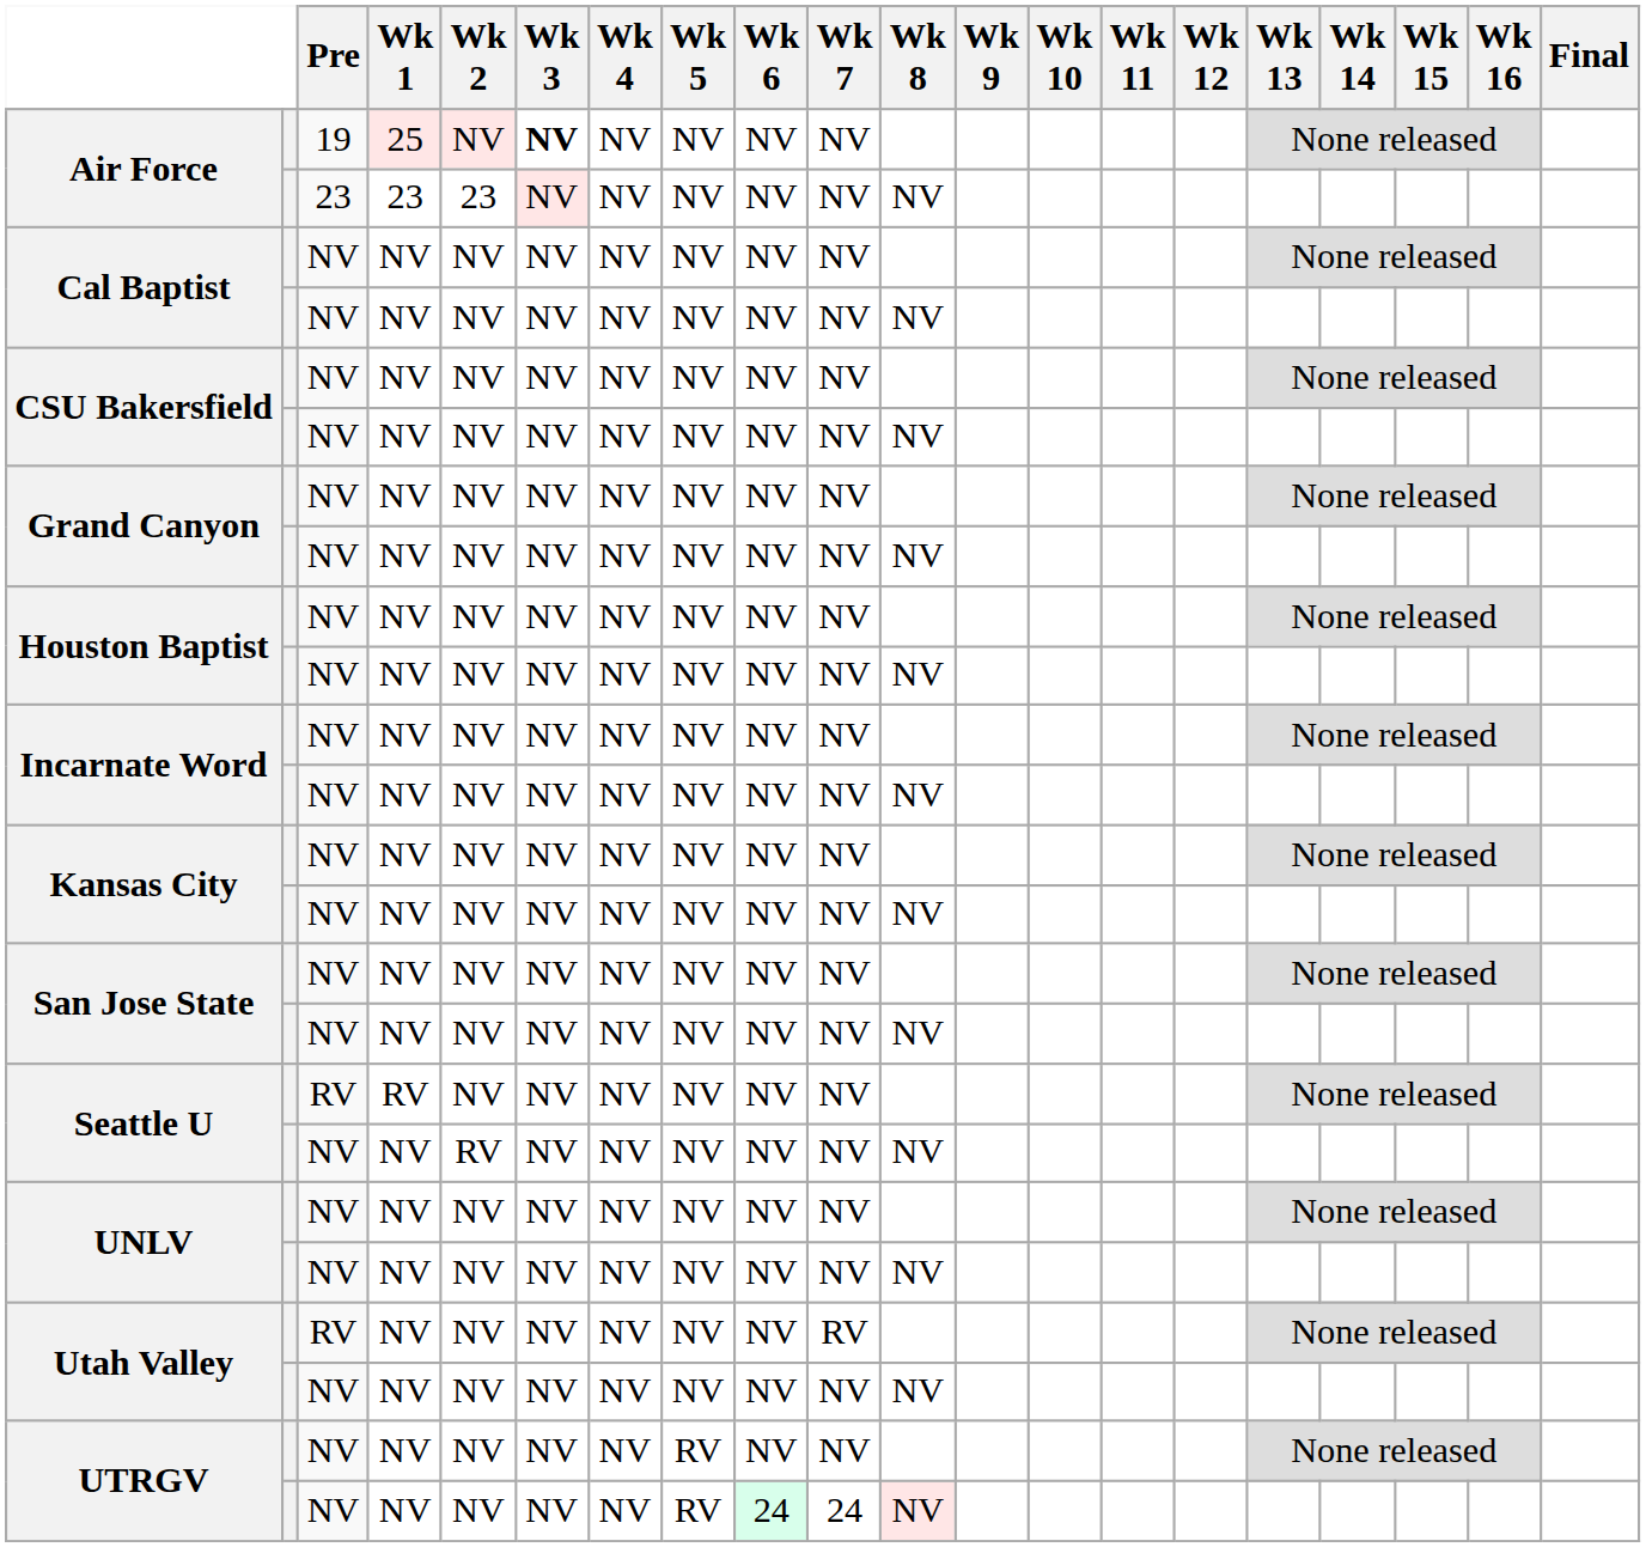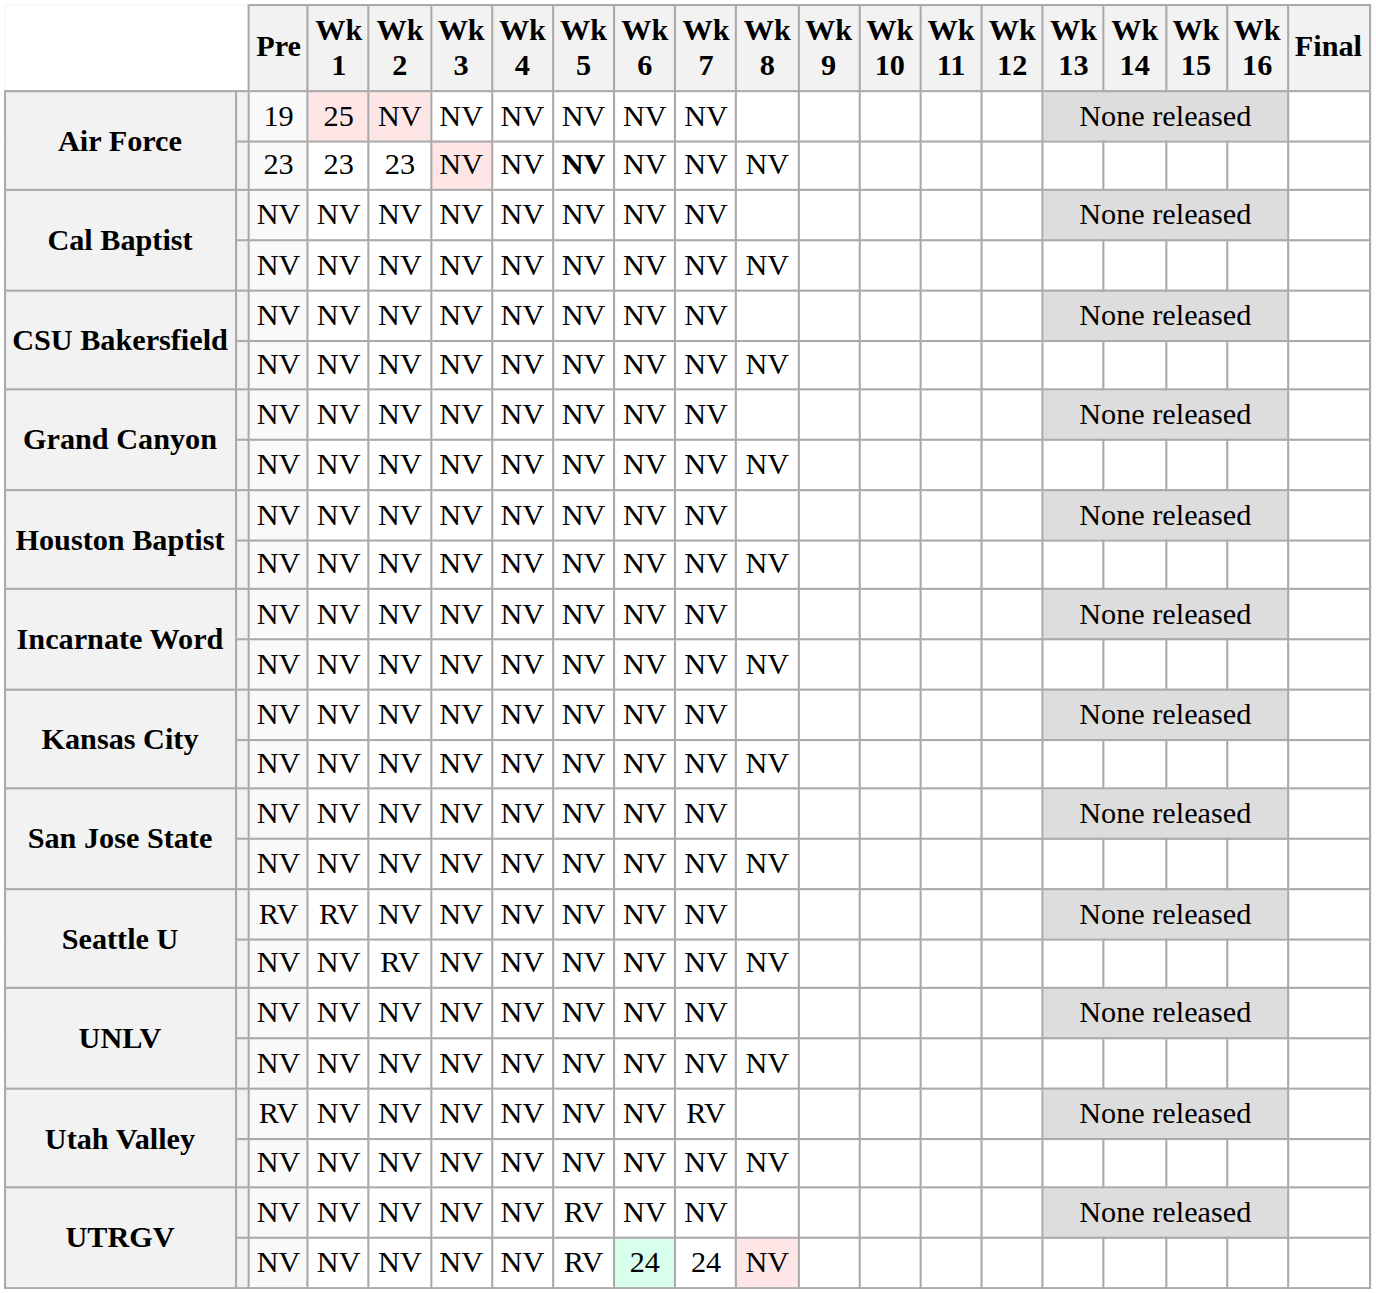 <table class="wikitable" style="white-space:nowrap;font-size:90%;text-align:center;">
 <tr>
 <th colspan=2 style="background:white; border-top-style:hidden; border-left-style:hidden;"> </th>
 <th>Pre</th>
 <th>Wk<br> 1</th>
 <th>Wk<br>2</th>
 <th>Wk<br>3</th>
 <th>Wk<br>4</th>
 <th>Wk<br>5</th>
 <th>Wk<br>6</th>
 <th>Wk<br>7</th>
 <th>Wk<br>8</th>
 <th>Wk<br>9</th>
 <th>Wk<br>10</th>
 <th>Wk<br>11</th>
 <th>Wk<br>12</th>
 <th>Wk<br>13</th>
 <th>Wk<br>14</th>
 <th>Wk<br>15</th>
 <th>Wk<br>16</th>
 <th>Final</th>
 </tr>
 <tr>
 <th rowspan=2 style=>Air Force</th>
 <th></th>
 <td>19</td>
 <td style="background:#ffe6e6;">25</td>
 <td style="background:#ffe6e6;">NV</td>
-<td style="background:#FFF;"><strong>NV</strong></td>
+<td style="background:#FFF;">NV</td>
 <td style="background:#FFF;">NV</td>
 <td style="background:#FFF;">NV</td>
 <td style="background:#FFF;">NV</td>
 <td style="background:#FFF;">NV</td>
 <td style="background:#FFF;"></td>
 <td style="background:#FFF;"></td>
 <td style="background:#FFF;"></td>
 <td style="background:#FFF;"></td>
 <td style="background:#FFF;"></td>
 <td colspan="4" style="background:#DDD;">None released</td>
 <td style="background:#FFF;"></td>
 </tr>
 <tr>
 <th></th>
 <td>23</td>
 <td style="background:#FFF;">23</td>
 <td style="background:#FFF;">23</td>
 <td style="background:#ffe6e6;">NV</td>
 <td style="background:#FFF;">NV</td>
-<td style="background:#FFF;">NV</td>
+<td style="background:#FFF;"><strong>NV</strong></td>
 <td style="background:#FFF;">NV</td>
 <td style="background:#FFF;">NV</td>
 <td style="background:#FFF;">NV</td>
 <td style="background:#FFF;"></td>
 <td style="background:#FFF;"></td>
 <td style="background:#FFF;"></td>
 <td style="background:#FFF;"></td>
 <td style="background:#FFF;"></td>
 <td style="background:#FFF;"></td>
 <td style="background:#FFF;"></td>
 <td style="background:#FFF;"></td>
 <td style="background:#FFF;"></td>
 </tr>
 <tr>
 <th rowspan=2 style=>Cal Baptist</th>
 <th></th>
 <td>NV</td>
 <td style="background:#FFF;">NV</td>
 <td style="background:#FFF;">NV</td>
 <td style="background:#FFF;">NV</td>
 <td style="background:#FFF;">NV</td>
 <td style="background:#FFF;">NV</td>
 <td style="background:#FFF;">NV</td>
 <td style="background:#FFF;">NV</td>
 <td style="background:#FFF;"></td>
 <td style="background:#FFF;"></td>
 <td style="background:#FFF;"></td>
 <td style="background:#FFF;"></td>
 <td style="background:#FFF;"></td>
 <td colspan="4" style="background:#DDD;">None released</td>
 <td style="background:#FFF;"></td>
 </tr>
 <tr>
 <th></th>
 <td>NV</td>
 <td style="background:#FFF;">NV</td>
 <td style="background:#FFF;">NV</td>
 <td style="background:#FFF;">NV</td>
 <td style="background:#FFF;">NV</td>
 <td style="background:#FFF;">NV</td>
 <td style="background:#FFF;">NV</td>
 <td style="background:#FFF;">NV</td>
 <td style="background:#FFF;">NV</td>
 <td style="background:#FFF;"></td>
 <td style="background:#FFF;"></td>
 <td style="background:#FFF;"></td>
 <td style="background:#FFF;"></td>
 <td style="background:#FFF;"></td>
 <td style="background:#FFF;"></td>
 <td style="background:#FFF;"></td>
 <td style="background:#FFF;"></td>
 <td style="background:#FFF;"></td>
 </tr>
 <tr>
 <th rowspan=2 style=>CSU Bakersfield</th>
 <th></th>
 <td>NV</td>
 <td style="background:#FFF;">NV</td>
 <td style="background:#FFF;">NV</td>
 <td style="background:#FFF;">NV</td>
 <td style="background:#FFF;">NV</td>
 <td style="background:#FFF;">NV</td>
 <td style="background:#FFF;">NV</td>
 <td style="background:#FFF;">NV</td>
 <td style="background:#FFF;"></td>
 <td style="background:#FFF;"></td>
 <td style="background:#FFF;"></td>
 <td style="background:#FFF;"></td>
 <td style="background:#FFF;"></td>
 <td colspan="4" style="background:#DDD;">None released</td>
 <td style="background:#FFF;"></td>
 </tr>
 <tr>
 <th></th>
 <td>NV</td>
 <td style="background:#FFF;">NV</td>
 <td style="background:#FFF;">NV</td>
 <td style="background:#FFF;">NV</td>
 <td style="background:#FFF;">NV</td>
 <td style="background:#FFF;">NV</td>
 <td style="background:#FFF;">NV</td>
 <td style="background:#FFF;">NV</td>
 <td style="background:#FFF;">NV</td>
 <td style="background:#FFF;"></td>
 <td style="background:#FFF;"></td>
 <td style="background:#FFF;"></td>
 <td style="background:#FFF;"></td>
 <td style="background:#FFF;"></td>
 <td style="background:#FFF;"></td>
 <td style="background:#FFF;"></td>
 <td style="background:#FFF;"></td>
 <td style="background:#FFF;"></td>
 </tr>
 <tr>
 <th rowspan=2 style=>Grand Canyon</th>
 <th></th>
 <td>NV</td>
 <td style="background:#FFF;">NV</td>
 <td style="background:#FFF;">NV</td>
 <td style="background:#FFF;">NV</td>
 <td style="background:#FFF;">NV</td>
 <td style="background:#FFF;">NV</td>
 <td style="background:#FFF;">NV</td>
 <td style="background:#FFF;">NV</td>
 <td style="background:#FFF;"></td>
 <td style="background:#FFF;"></td>
 <td style="background:#FFF;"></td>
 <td style="background:#FFF;"></td>
 <td style="background:#FFF;"></td>
 <td colspan="4" style="background:#DDD;">None released</td>
 <td style="background:#FFF;"></td>
 </tr>
 <tr>
 <th></th>
 <td>NV</td>
 <td style="background:#FFF;">NV</td>
 <td style="background:#FFF;">NV</td>
 <td style="background:#FFF;">NV</td>
 <td style="background:#FFF;">NV</td>
 <td style="background:#FFF;">NV</td>
 <td style="background:#FFF;">NV</td>
 <td style="background:#FFF;">NV</td>
 <td style="background:#FFF;">NV</td>
 <td style="background:#FFF;"></td>
 <td style="background:#FFF;"></td>
 <td style="background:#FFF;"></td>
 <td style="background:#FFF;"></td>
 <td style="background:#FFF;"></td>
 <td style="background:#FFF;"></td>
 <td style="background:#FFF;"></td>
 <td style="background:#FFF;"></td>
 <td style="background:#FFF;"></td>
 </tr>
 <tr>
 <th rowspan=2 style=>Houston Baptist</th>
 <th></th>
 <td>NV</td>
 <td style="background:#FFF;">NV</td>
 <td style="background:#FFF;">NV</td>
 <td style="background:#FFF;">NV</td>
 <td style="background:#FFF;">NV</td>
 <td style="background:#FFF;">NV</td>
 <td style="background:#FFF;">NV</td>
 <td style="background:#FFF;">NV</td>
 <td style="background:#FFF;"></td>
 <td style="background:#FFF;"></td>
 <td style="background:#FFF;"></td>
 <td style="background:#FFF;"></td>
 <td style="background:#FFF;"></td>
 <td colspan="4" style="background:#DDD;">None released</td>
 <td style="background:#FFF;"></td>
 </tr>
 <tr>
 <th></th>
 <td>NV</td>
 <td style="background:#FFF;">NV</td>
 <td style="background:#FFF;">NV</td>
 <td style="background:#FFF;">NV</td>
 <td style="background:#FFF;">NV</td>
 <td style="background:#FFF;">NV</td>
 <td style="background:#FFF;">NV</td>
 <td style="background:#FFF;">NV</td>
 <td style="background:#FFF;">NV</td>
 <td style="background:#FFF;"></td>
 <td style="background:#FFF;"></td>
 <td style="background:#FFF;"></td>
 <td style="background:#FFF;"></td>
 <td style="background:#FFF;"></td>
 <td style="background:#FFF;"></td>
 <td style="background:#FFF;"></td>
 <td style="background:#FFF;"></td>
 <td style="background:#FFF;"></td>
 </tr>
 <tr>
 <th rowspan=2 style=>Incarnate Word</th>
 <th></th>
 <td>NV</td>
 <td style="background:#FFF;">NV</td>
 <td style="background:#FFF;">NV</td>
 <td style="background:#FFF;">NV</td>
 <td style="background:#FFF;">NV</td>
 <td style="background:#FFF;">NV</td>
 <td style="background:#FFF;">NV</td>
 <td style="background:#FFF;">NV</td>
 <td style="background:#FFF;"></td>
 <td style="background:#FFF;"></td>
 <td style="background:#FFF;"></td>
 <td style="background:#FFF;"></td>
 <td style="background:#FFF;"></td>
 <td colspan="4" style="background:#DDD;">None released</td>
 <td style="background:#FFF;"></td>
 </tr>
 <tr>
 <th></th>
 <td>NV</td>
 <td style="background:#FFF;">NV</td>
 <td style="background:#FFF;">NV</td>
 <td style="background:#FFF;">NV</td>
 <td style="background:#FFF;">NV</td>
 <td style="background:#FFF;">NV</td>
 <td style="background:#FFF;">NV</td>
 <td style="background:#FFF;">NV</td>
 <td style="background:#FFF;">NV</td>
 <td style="background:#FFF;"></td>
 <td style="background:#FFF;"></td>
 <td style="background:#FFF;"></td>
 <td style="background:#FFF;"></td>
 <td style="background:#FFF;"></td>
 <td style="background:#FFF;"></td>
 <td style="background:#FFF;"></td>
 <td style="background:#FFF;"></td>
 <td style="background:#FFF;"></td>
 </tr>
 <tr>
 <th rowspan=2 style=>Kansas City</th>
 <th></th>
 <td>NV</td>
 <td style="background:#FFF;">NV</td>
 <td style="background:#FFF;">NV</td>
 <td style="background:#FFF;">NV</td>
 <td style="background:#FFF;">NV</td>
 <td style="background:#FFF;">NV</td>
 <td style="background:#FFF;">NV</td>
 <td style="background:#FFF;">NV</td>
 <td style="background:#FFF;"></td>
 <td style="background:#FFF;"></td>
 <td style="background:#FFF;"></td>
 <td style="background:#FFF;"></td>
 <td style="background:#FFF;"></td>
 <td colspan="4" style="background:#DDD;">None released</td>
 <td style="background:#FFF;"></td>
 </tr>
 <tr>
 <th></th>
 <td>NV</td>
 <td style="background:#FFF;">NV</td>
 <td style="background:#FFF;">NV</td>
 <td style="background:#FFF;">NV</td>
 <td style="background:#FFF;">NV</td>
 <td style="background:#FFF;">NV</td>
 <td style="background:#FFF;">NV</td>
 <td style="background:#FFF;">NV</td>
 <td style="background:#FFF;">NV</td>
 <td style="background:#FFF;"></td>
 <td style="background:#FFF;"></td>
 <td style="background:#FFF;"></td>
 <td style="background:#FFF;"></td>
 <td style="background:#FFF;"></td>
 <td style="background:#FFF;"></td>
 <td style="background:#FFF;"></td>
 <td style="background:#FFF;"></td>
 <td style="background:#FFF;"></td>
 </tr>
 <tr>
 <th rowspan=2 style=>San Jose State</th>
 <th></th>
 <td>NV</td>
 <td style="background:#FFF;">NV</td>
 <td style="background:#FFF;">NV</td>
 <td style="background:#FFF;">NV</td>
 <td style="background:#FFF;">NV</td>
 <td style="background:#FFF;">NV</td>
 <td style="background:#FFF;">NV</td>
 <td style="background:#FFF;">NV</td>
 <td style="background:#FFF;"></td>
 <td style="background:#FFF;"></td>
 <td style="background:#FFF;"></td>
 <td style="background:#FFF;"></td>
 <td style="background:#FFF;"></td>
 <td colspan="4" style="background:#DDD;">None released</td>
 <td style="background:#FFF;"></td>
 </tr>
 <tr>
 <th></th>
 <td>NV</td>
 <td style="background:#FFF;">NV</td>
 <td style="background:#FFF;">NV</td>
 <td style="background:#FFF;">NV</td>
 <td style="background:#FFF;">NV</td>
 <td style="background:#FFF;">NV</td>
 <td style="background:#FFF;">NV</td>
 <td style="background:#FFF;">NV</td>
 <td style="background:#FFF;">NV</td>
 <td style="background:#FFF;"></td>
 <td style="background:#FFF;"></td>
 <td style="background:#FFF;"></td>
 <td style="background:#FFF;"></td>
 <td style="background:#FFF;"></td>
 <td style="background:#FFF;"></td>
 <td style="background:#FFF;"></td>
 <td style="background:#FFF;"></td>
 <td style="background:#FFF;"></td>
 </tr>
 <tr>
 <th rowspan=2 style=>Seattle U</th>
 <th></th>
 <td>RV</td>
 <td style="background:#FFF;">RV</td>
 <td style="background:#FFF;">NV</td>
 <td style="background:#FFF;">NV</td>
 <td style="background:#FFF;">NV</td>
 <td style="background:#FFF;">NV</td>
 <td style="background:#FFF;">NV</td>
 <td style="background:#FFF;">NV</td>
 <td style="background:#FFF;"></td>
 <td style="background:#FFF;"></td>
 <td style="background:#FFF;"></td>
 <td style="background:#FFF;"></td>
 <td style="background:#FFF;"></td>
 <td colspan="4" style="background:#DDD;">None released</td>
 <td style="background:#FFF;"></td>
 </tr>
 <tr>
 <th></th>
 <td>NV</td>
 <td style="background:#FFF;">NV</td>
 <td style="background:#FFF;">RV</td>
 <td style="background:#FFF;">NV</td>
 <td style="background:#FFF;">NV</td>
 <td style="background:#FFF;">NV</td>
 <td style="background:#FFF;">NV</td>
 <td style="background:#FFF;">NV</td>
 <td style="background:#FFF;">NV</td>
 <td style="background:#FFF;"></td>
 <td style="background:#FFF;"></td>
 <td style="background:#FFF;"></td>
 <td style="background:#FFF;"></td>
 <td style="background:#FFF;"></td>
 <td style="background:#FFF;"></td>
 <td style="background:#FFF;"></td>
 <td style="background:#FFF;"></td>
 <td style="background:#FFF;"></td>
 </tr>
 <tr>
 <th rowspan=2 style=>UNLV</th>
 <th></th>
 <td>NV</td>
 <td style="background:#FFF;">NV</td>
 <td style="background:#FFF;">NV</td>
 <td style="background:#FFF;">NV</td>
 <td style="background:#FFF;">NV</td>
 <td style="background:#FFF;">NV</td>
 <td style="background:#FFF;">NV</td>
 <td style="background:#FFF;">NV</td>
 <td style="background:#FFF;"></td>
 <td style="background:#FFF;"></td>
 <td style="background:#FFF;"></td>
 <td style="background:#FFF;"></td>
 <td style="background:#FFF;"></td>
 <td colspan="4" style="background:#DDD;">None released</td>
 <td style="background:#FFF;"></td>
 </tr>
 <tr>
 <th></th>
 <td>NV</td>
 <td style="background:#FFF;">NV</td>
 <td style="background:#FFF;">NV</td>
 <td style="background:#FFF;">NV</td>
 <td style="background:#FFF;">NV</td>
 <td style="background:#FFF;">NV</td>
 <td style="background:#FFF;">NV</td>
 <td style="background:#FFF;">NV</td>
 <td style="background:#FFF;">NV</td>
 <td style="background:#FFF;"></td>
 <td style="background:#FFF;"></td>
 <td style="background:#FFF;"></td>
 <td style="background:#FFF;"></td>
 <td style="background:#FFF;"></td>
 <td style="background:#FFF;"></td>
 <td style="background:#FFF;"></td>
 <td style="background:#FFF;"></td>
 <td style="background:#FFF;"></td>
 </tr>
 <tr>
 <th rowspan=2 style=>Utah Valley</th>
 <th></th>
 <td>RV</td>
 <td style="background:#FFF;">NV</td>
 <td style="background:#FFF;">NV</td>
 <td style="background:#FFF;">NV</td>
 <td style="background:#FFF;">NV</td>
 <td style="background:#FFF;">NV</td>
 <td style="background:#FFF;">NV</td>
 <td style="background:#FFF;">RV</td>
 <td style="background:#FFF;"></td>
 <td style="background:#FFF;"></td>
 <td style="background:#FFF;"></td>
 <td style="background:#FFF;"></td>
 <td style="background:#FFF;"></td>
 <td colspan="4" style="background:#DDD;">None released</td>
 <td style="background:#FFF;"></td>
 </tr>
 <tr>
 <th></th>
 <td>NV</td>
 <td style="background:#FFF;">NV</td>
 <td style="background:#FFF;">NV</td>
 <td style="background:#FFF;">NV</td>
 <td style="background:#FFF;">NV</td>
 <td style="background:#FFF;">NV</td>
 <td style="background:#FFF;">NV</td>
 <td style="background:#FFF;">NV</td>
 <td style="background:#FFF;">NV</td>
 <td style="background:#FFF;"></td>
 <td style="background:#FFF;"></td>
 <td style="background:#FFF;"></td>
 <td style="background:#FFF;"></td>
 <td style="background:#FFF;"></td>
 <td style="background:#FFF;"></td>
 <td style="background:#FFF;"></td>
 <td style="background:#FFF;"></td>
 <td style="background:#FFF;"></td>
 </tr>
 <tr>
 <th rowspan=2 style=>UTRGV</th>
 <th></th>
 <td>NV</td>
 <td style="background:#FFF;">NV</td>
 <td style="background:#FFF;">NV</td>
 <td style="background:#FFF;">NV</td>
 <td style="background:#FFF;">NV</td>
 <td style="background:#FFF;">RV</td>
 <td style="background:#FFF;">NV</td>
 <td style="background:#FFF;">NV</td>
 <td style="background:#FFF;"></td>
 <td style="background:#FFF;"></td>
 <td style="background:#FFF;"></td>
 <td style="background:#FFF;"></td>
 <td style="background:#FFF;"></td>
 <td colspan="4" style="background:#DDD;">None released</td>
 <td style="background:#FFF;"></td>
 </tr>
 <tr>
 <th></th>
 <td>NV</td>
 <td style="background:#FFF;">NV</td>
 <td style="background:#FFF;">NV</td>
 <td style="background:#FFF;">NV</td>
 <td style="background:#FFF;">NV</td>
 <td style="background:#FFF;">RV</td>
 <td style="background:#d8ffeb;">24</td>
 <td style="background:#FFF;">24</td>
 <td style="background:#ffe6e6;">NV</td>
 <td style="background:#FFF;"></td>
 <td style="background:#FFF;"></td>
 <td style="background:#FFF;"></td>
 <td style="background:#FFF;"></td>
 <td style="background:#FFF;"></td>
 <td style="background:#FFF;"></td>
 <td style="background:#FFF;"></td>
 <td style="background:#FFF;"></td>
 <td style="background:#FFF;"></td>
 </tr>
 </table>
